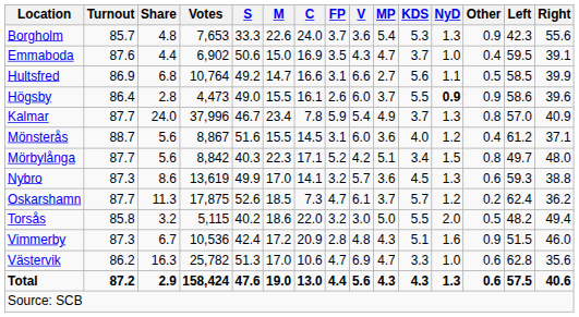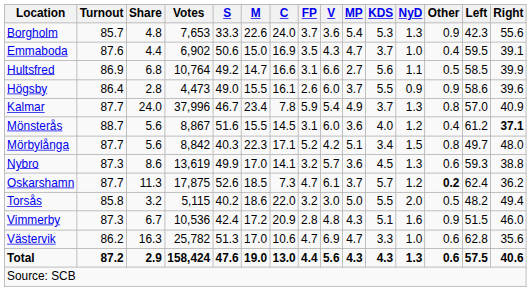 <table class="wikitable sortable" style=text-align:right>
 <tr>
 <th>Location</th>
 <th>Turnout</th>
 <th>Share</th>
 <th>Votes</th>
 <th><a href='#'>S</a></th>
 <th><a href='#'>M</a></th>
 <th><a href='#'>C</a></th>
 <th><a href='#'>FP</a></th>
 <th><a href='#'>V</a></th>
 <th><a href='#'>MP</a></th>
 <th><a href='#'>KDS</a></th>
 <th><a href='#'>NyD</a></th>
 <th>Other</th>
 <th>Left</th>
 <th>Right</th>
 </tr>
 <tr>
 <td align=left><a href='#'>Borgholm</a></td>
 <td>85.7</td>
 <td>4.8</td>
 <td>7,653</td>
 <td>33.3</td>
 <td>22.6</td>
 <td>24.0</td>
 <td>3.7</td>
 <td>3.6</td>
 <td>5.4</td>
 <td>5.3</td>
 <td>1.3</td>
 <td>0.9</td>
 <td>42.3</td>
 <td>55.6</td>
 </tr>
 <tr>
 <td align=left><a href='#'>Emmaboda</a></td>
 <td>87.6</td>
 <td>4.4</td>
 <td>6,902</td>
 <td>50.6</td>
 <td>15.0</td>
 <td>16.9</td>
 <td>3.5</td>
 <td>4.3</td>
 <td>4.7</td>
 <td>3.7</td>
 <td>1.0</td>
 <td>0.4</td>
 <td>59.5</td>
 <td>39.1</td>
 </tr>
 <tr>
 <td align=left><a href='#'>Hultsfred</a></td>
 <td>86.9</td>
 <td>6.8</td>
 <td>10,764</td>
 <td>49.2</td>
 <td>14.7</td>
 <td>16.6</td>
 <td>3.1</td>
 <td>6.6</td>
 <td>2.7</td>
 <td>5.6</td>
 <td>1.1</td>
 <td>0.5</td>
 <td>58.5</td>
 <td>39.9</td>
 </tr>
 <tr>
 <td align=left><a href='#'>Högsby</a></td>
 <td>86.4</td>
 <td>2.8</td>
 <td>4,473</td>
 <td>49.0</td>
 <td>15.5</td>
 <td>16.1</td>
 <td>2.6</td>
 <td>6.0</td>
 <td>3.7</td>
 <td>5.5</td>
-<td><strong>0.9</strong></td>
+<td>0.9</td>
 <td>0.9</td>
 <td>58.6</td>
 <td>39.6</td>
 </tr>
 <tr>
 <td align=left><a href='#'>Kalmar</a></td>
 <td>87.7</td>
 <td>24.0</td>
 <td>37,996</td>
 <td>46.7</td>
 <td>23.4</td>
 <td>7.8</td>
 <td>5.9</td>
 <td>5.4</td>
 <td>4.9</td>
 <td>3.7</td>
 <td>1.3</td>
 <td>0.8</td>
 <td>57.0</td>
 <td>40.9</td>
 </tr>
 <tr>
 <td align=left><a href='#'>Mönsterås</a></td>
 <td>88.7</td>
 <td>5.6</td>
 <td>8,867</td>
 <td>51.6</td>
 <td>15.5</td>
 <td>14.5</td>
 <td>3.1</td>
 <td>6.0</td>
 <td>3.6</td>
 <td>4.0</td>
 <td>1.2</td>
 <td>0.4</td>
 <td>61.2</td>
-<td>37.1</td>
+<td><strong>37.1</strong></td>
 </tr>
 <tr>
 <td align=left><a href='#'>Mörbylånga</a></td>
 <td>87.7</td>
 <td>5.6</td>
 <td>8,842</td>
 <td>40.3</td>
 <td>22.3</td>
 <td>17.1</td>
 <td>5.2</td>
 <td>4.2</td>
 <td>5.1</td>
 <td>3.4</td>
 <td>1.5</td>
 <td>0.8</td>
 <td>49.7</td>
 <td>48.0</td>
 </tr>
 <tr>
 <td align=left><a href='#'>Nybro</a></td>
 <td>87.3</td>
 <td>8.6</td>
 <td>13,619</td>
 <td>49.9</td>
 <td>17.0</td>
 <td>14.1</td>
 <td>3.2</td>
 <td>5.7</td>
 <td>3.6</td>
 <td>4.5</td>
 <td>1.3</td>
 <td>0.6</td>
 <td>59.3</td>
 <td>38.8</td>
 </tr>
 <tr>
 <td align=left><a href='#'>Oskarshamn</a></td>
 <td>87.7</td>
 <td>11.3</td>
 <td>17,875</td>
 <td>52.6</td>
 <td>18.5</td>
 <td>7.3</td>
 <td>4.7</td>
 <td>6.1</td>
 <td>3.7</td>
 <td>5.7</td>
 <td>1.2</td>
-<td>0.2</td>
+<td><strong>0.2</strong></td>
 <td>62.4</td>
 <td>36.2</td>
 </tr>
 <tr>
 <td align=left><a href='#'>Torsås</a></td>
 <td>85.8</td>
 <td>3.2</td>
 <td>5,115</td>
 <td>40.2</td>
 <td>18.6</td>
 <td>22.0</td>
 <td>3.2</td>
 <td>3.0</td>
 <td>5.0</td>
 <td>5.5</td>
 <td>2.0</td>
 <td>0.5</td>
 <td>48.2</td>
 <td>49.4</td>
 </tr>
 <tr>
 <td align=left><a href='#'>Vimmerby</a></td>
 <td>87.3</td>
 <td>6.7</td>
 <td>10,536</td>
 <td>42.4</td>
 <td>17.2</td>
 <td>20.9</td>
 <td>2.8</td>
 <td>4.8</td>
 <td>4.3</td>
 <td>5.1</td>
 <td>1.6</td>
 <td>0.9</td>
 <td>51.5</td>
 <td>46.0</td>
 </tr>
 <tr>
 <td align=left><a href='#'>Västervik</a></td>
 <td>86.2</td>
 <td>16.3</td>
 <td>25,782</td>
 <td>51.3</td>
 <td>17.0</td>
 <td>10.6</td>
 <td>4.7</td>
 <td>6.9</td>
 <td>4.7</td>
 <td>3.3</td>
 <td>1.0</td>
 <td>0.6</td>
 <td>62.8</td>
 <td>35.6</td>
 </tr>
 <tr>
 <td align=left><strong>Total</strong></td>
 <td><strong>87.2</strong></td>
 <td><strong>2.9</strong></td>
 <td><strong>158,424</strong></td>
 <td><strong>47.6</strong></td>
 <td><strong>19.0</strong></td>
 <td><strong>13.0</strong></td>
 <td><strong>4.4</strong></td>
 <td><strong>5.6</strong></td>
 <td><strong>4.3</strong></td>
 <td><strong>4.3</strong></td>
 <td><strong>1.3</strong></td>
 <td><strong>0.6</strong></td>
 <td><strong>57.5</strong></td>
 <td><strong>40.6</strong></td>
 </tr>
 <tr>
 <td align=left colspan=15>Source: SCB </td>
 </tr>
 </table>
